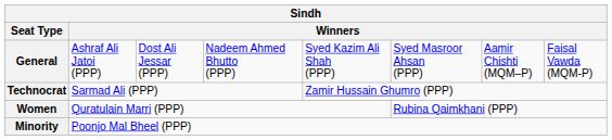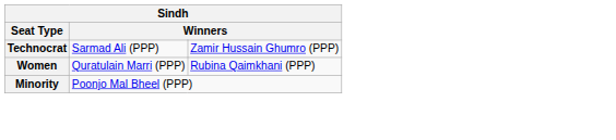 <table class="wikitable">
 <tr>
 <th colspan="8">Sindh</th>
 </tr>
 <tr>
 <th>Seat Type</th>
 <th colspan="7">Winners</th>
-</tr>
-<tr>
-<th>General</th>
-<td style="background:"><a href='#'>Ashraf Ali Jatoi</a><br>(PPP)</td>
-<td style="background:"><a href='#'>Dost Ali Jessar</a><br>(PPP)</td>
-<td style="background:"><a href='#'>Nadeem Ahmed Bhutto</a><br>(PPP)</td>
-<td style="background:"><a href='#'>Syed Kazim Ali Shah</a><br>(PPP)</td>
-<td style="background:"><a href='#'>Syed Masroor Ahsan</a><br>(PPP)</td>
-<td style="background:"><a href='#'>Aamir Chishti</a><br>(MQM–P)</td>
-<td style="background:"><a href='#'>Faisal Vawda</a><br>(MQM-P)</td>
 </tr>
 <tr>
 <th>Technocrat</th>
 <td colspan="3" style="background:"><a href='#'>Sarmad Ali</a> (PPP)</td>
 <td colspan="4" style="background:"><a href='#'>Zamir Hussain Ghumro</a> (PPP)</td>
 </tr>
 <tr>
 <th>Women</th>
 <td colspan="4" style="background:"><a href='#'>Quratulain Marri</a> (PPP)</td>
 <td colspan="3" style="background:"><a href='#'>Rubina Qaimkhani</a> (PPP)</td>
 </tr>
 <tr>
 <th>Minority</th>
 <td colspan="7" style="background:"><a href='#'>Poonjo Mal Bheel</a> (PPP)</td>
 </tr>
 </table>
